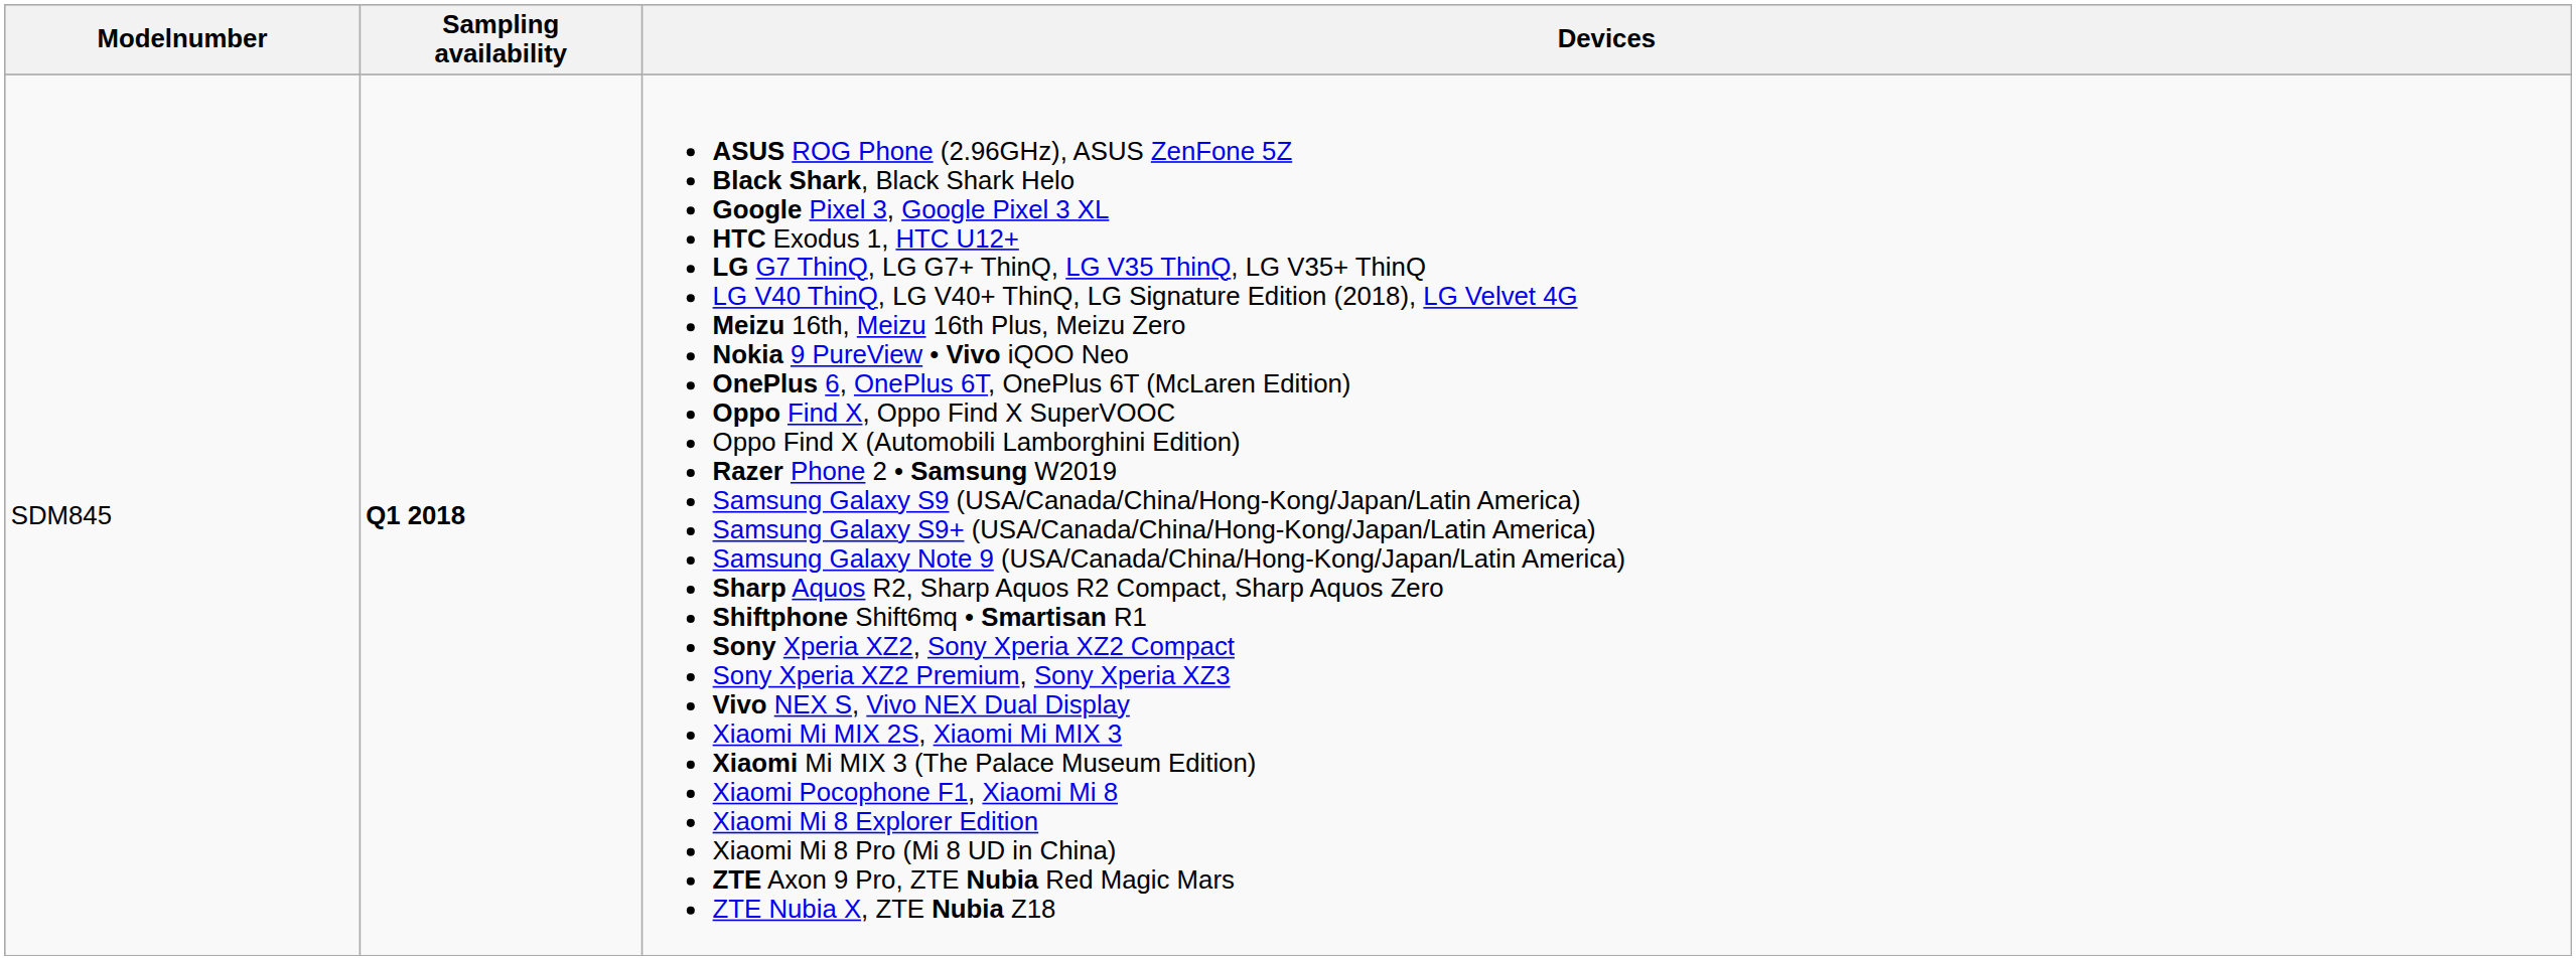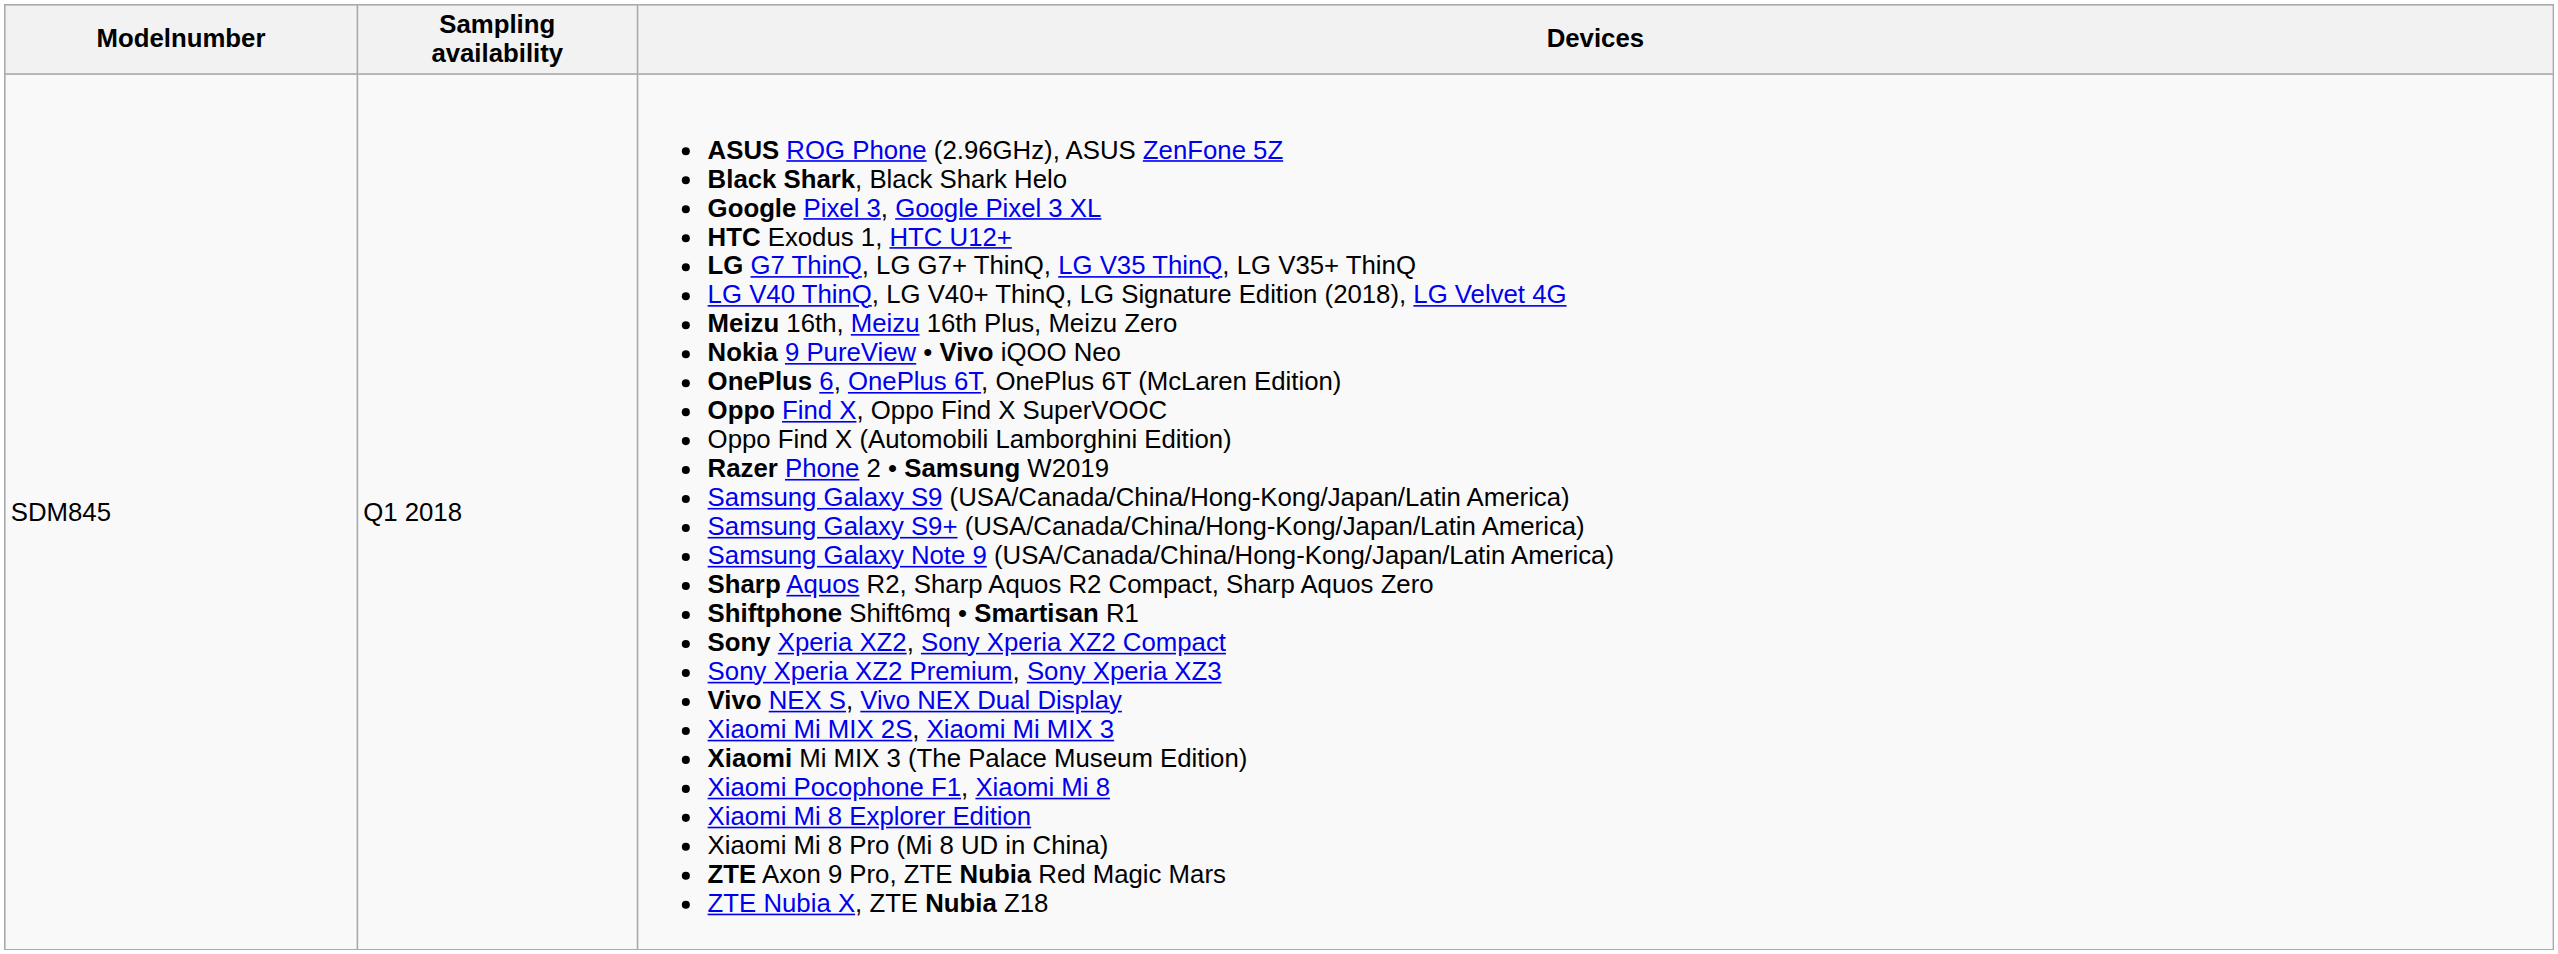 <table class="wikitable" style="width:100%">
 <tr>
 <th>Modelnumber</th>
 <th>Sampling<br>availability</th>
 <th>Devices</th>
 </tr>
 <tr>
 <td>SDM845</td>
-<td><strong>Q1 2018</strong></td>
+<td>Q1 2018</td>
 <td><br><ul><li><strong>ASUS</strong> <a href='#'>ROG Phone</a> (2.96GHz), ASUS <a href='#'>ZenFone 5Z</a></li><li><strong>Black Shark</strong>, Black Shark Helo</li><li><strong>Google</strong> <a href='#'>Pixel 3</a>, <a href='#'>Google Pixel 3 XL</a></li><li><strong>HTC</strong> Exodus 1, <a href='#'>HTC U12+</a></li><li><strong>LG</strong> <a href='#'>G7 ThinQ</a>, LG G7+ ThinQ, <a href='#'>LG V35 ThinQ</a>, LG V35+ ThinQ</li><li><a href='#'>LG V40 ThinQ</a>, LG V40+ ThinQ, LG Signature Edition (2018), <a href='#'>LG Velvet 4G</a></li><li><strong>Meizu</strong> 16th, <a href='#'>Meizu</a> 16th Plus, Meizu Zero</li><li><strong>Nokia</strong> <a href='#'>9 PureView</a> • <strong>Vivo</strong> iQOO Neo</li><li><strong>OnePlus</strong> <a href='#'>6</a>, <a href='#'>OnePlus 6T</a>, OnePlus 6T (McLaren Edition)</li><li><strong>Oppo</strong> <a href='#'>Find X</a>, Oppo Find X SuperVOOC</li><li>Oppo Find X (Automobili Lamborghini Edition)</li><li><strong>Razer</strong> <a href='#'>Phone</a> 2 • <strong>Samsung</strong> W2019</li><li><a href='#'>Samsung Galaxy S9</a> (USA/Canada/China/Hong-Kong/Japan/Latin America)</li><li><a href='#'>Samsung Galaxy S9+</a> (USA/Canada/China/Hong-Kong/Japan/Latin America)</li><li><a href='#'>Samsung Galaxy Note 9</a> (USA/Canada/China/Hong-Kong/Japan/Latin America)</li><li><strong>Sharp</strong> <a href='#'>Aquos</a> R2, Sharp Aquos R2 Compact, Sharp Aquos Zero</li><li><strong>Shiftphone</strong> Shift6mq • <strong>Smartisan</strong> R1</li><li><strong>Sony</strong> <a href='#'>Xperia XZ2</a>, <a href='#'>Sony Xperia XZ2 Compact</a></li><li><a href='#'>Sony Xperia XZ2 Premium</a>, <a href='#'>Sony Xperia XZ3</a></li><li><strong>Vivo</strong> <a href='#'>NEX S</a>, <a href='#'>Vivo NEX Dual Display</a></li><li><a href='#'>Xiaomi Mi MIX 2S</a>, <a href='#'>Xiaomi Mi MIX 3</a></li><li><strong>Xiaomi</strong> Mi MIX 3 (The Palace Museum Edition)</li><li><a href='#'>Xiaomi Pocophone F1</a>, <a href='#'>Xiaomi Mi 8</a></li><li><a href='#'>Xiaomi Mi 8 Explorer Edition</a></li><li>Xiaomi Mi 8 Pro (Mi 8 UD in China)</li><li><strong>ZTE</strong> Axon 9 Pro, ZTE <strong>Nubia</strong> Red Magic Mars</li><li><a href='#'>ZTE Nubia X</a>, ZTE <strong>Nubia</strong> Z18</li></ul></td>
 </tr>
 <tr>
 </tr>
 </table>
